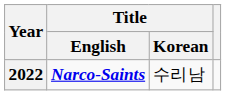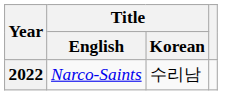 <table class="wikitable sortable plainrowheaders">
 <tr>
 <th rowspan="2" scope="col">Year</th>
 <th colspan="2" scope="col">Title</th>
 <th rowspan="2" scope="col" class="unsortable"></th>
 </tr>
 <tr>
 <th>English</th>
 <th>Korean</th>
 </tr>
 <tr>
 <th scope="row">2022</th>
-<td><strong><em><a href='#'>Narco-Saints</a></em></strong></td>
+<td><em><a href='#'>Narco-Saints</a></em></td>
 <td>수리남</td>
 <td></td>
 </tr>
 </table>
